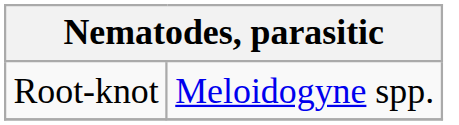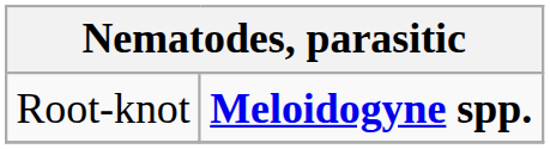 <table class="wikitable" style="clear">
 <tr>
 <th colspan=2><strong>Nematodes, parasitic</strong><br></th>
 </tr>
 <tr>
 <td>Root-knot</td>
-<td><a href='#'>Meloidogyne</a> spp.</td>
+<td><strong><a href='#'>Meloidogyne</a> spp.</strong></td>
 </tr>
 <tr>
 </tr>
 </table>
